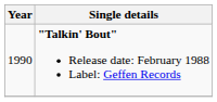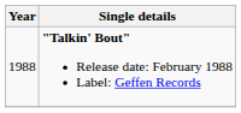 <table class="wikitable" style="text-align:center;">
 <tr>
 <th>Year</th>
 <th>Single details</th>
 </tr>
 <tr>
-<td>1990</td>
+<td>1988</td>
 <td align="left"><strong>"Talkin' Bout"</strong><br><ul><li>Release date: February 1988</li><li>Label: <a href='#'>Geffen Records</a></li></ul></td>
 </tr>
 <tr>
 </tr>
 </table>
